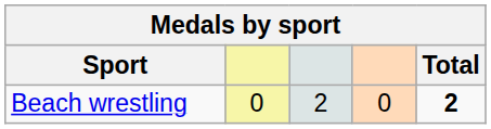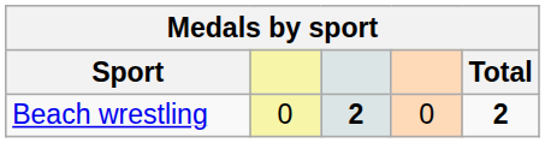 <table class="wikitable" style="font-size:90%; text-align:center;">
 <tr>
 <th colspan="5">Medals by sport</th>
 </tr>
 <tr>
 <th width="120">Sport</th>
 <th scope="col" width="30" style="background:#F7F6A8;"></th>
 <th scope="col" width="30" style="background:#DCE5E5;"></th>
 <th scope="col" width="30" style="background:#FFDAB9;"></th>
 <th width="30">Total</th>
 </tr>
 <tr>
 <td align="left"><a href='#'>Beach wrestling</a></td>
 <td style="background:#F7F6A8;">0</td>
-<td style="background:#DCE5E5;">2</td>
+<td style="background:#DCE5E5;"><strong>2</strong></td>
 <td style="background:#FFDAB9;">0</td>
 <td><strong>2</strong></td>
 </tr>
 </table>
